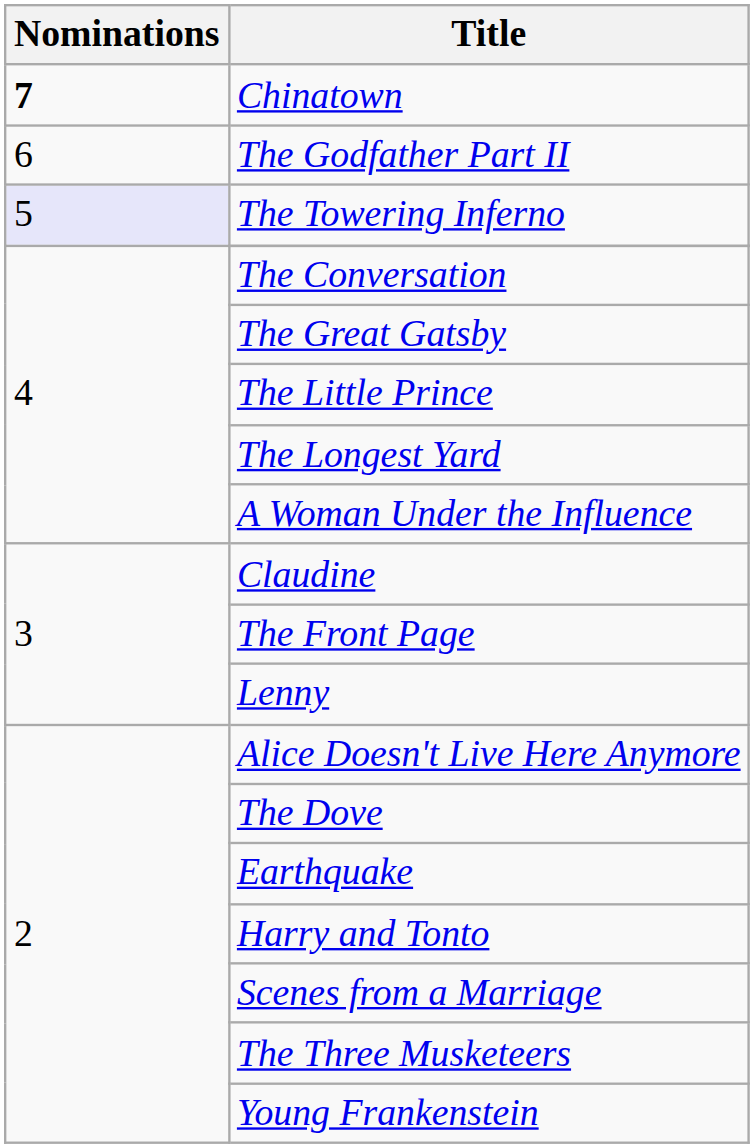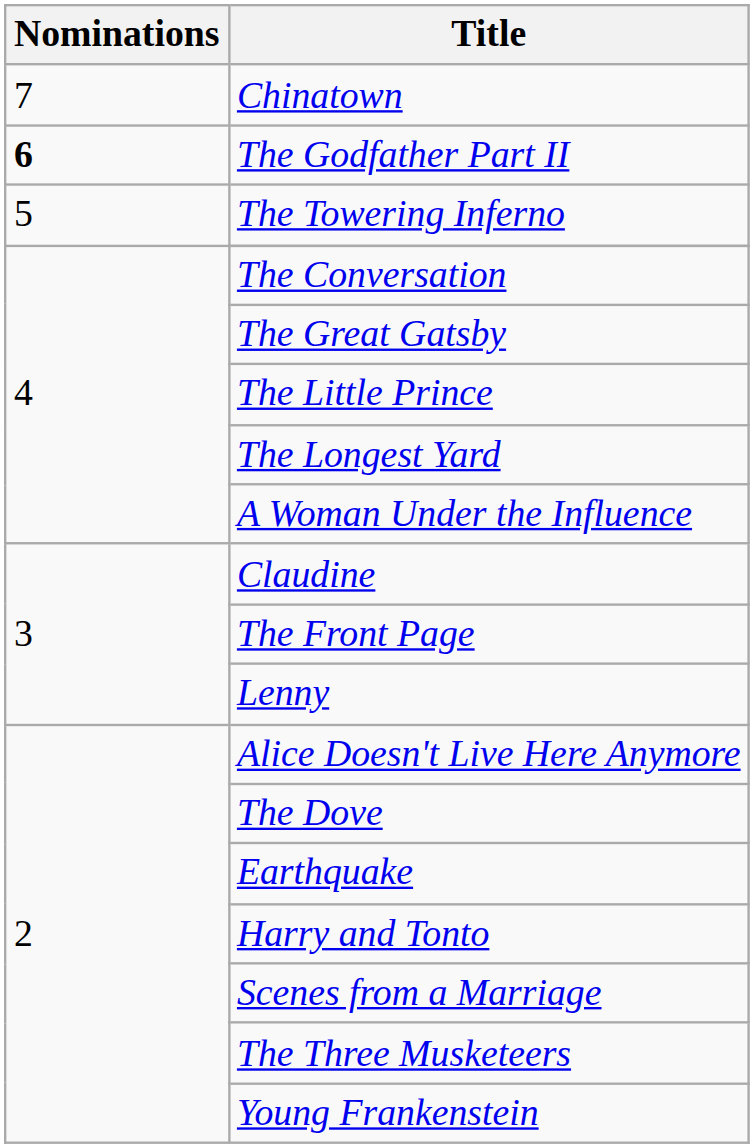 <table class="wikitable">
 <tr>
 <th>Nominations</th>
 <th>Title</th>
 </tr>
 <tr>
-<td><strong>7</strong></td>
+<td>7</td>
 <td><em><a href='#'>Chinatown</a></em></td>
 </tr>
 <tr>
-<td>6</td>
+<td><strong>6</strong></td>
 <td><em><a href='#'>The Godfather Part II</a></em></td>
 </tr>
 <tr>
-<td style="background: lavender;">5</td>
+<td>5</td>
 <td><em><a href='#'>The Towering Inferno</a></em></td>
 </tr>
 <tr>
 <td rowspan="6">4</td>
 </tr>
 <tr>
 <td><em><a href='#'>The Conversation</a></em></td>
 </tr>
 <tr>
 <td><em><a href='#'>The Great Gatsby</a></em></td>
 </tr>
 <tr>
 <td><em><a href='#'>The Little Prince</a></em></td>
 </tr>
 <tr>
 <td><em><a href='#'>The Longest Yard</a></em></td>
 </tr>
 <tr>
 <td><em><a href='#'>A Woman Under the Influence</a></em></td>
 </tr>
 <tr>
 <td rowspan="3">3</td>
 <td><em><a href='#'>Claudine</a></em></td>
 </tr>
 <tr>
 <td><em><a href='#'>The Front Page</a></em></td>
 </tr>
 <tr>
 <td><em><a href='#'>Lenny</a></em></td>
 </tr>
 <tr>
 <td rowspan="7">2</td>
 <td><em><a href='#'>Alice Doesn't Live Here Anymore</a></em></td>
 </tr>
 <tr>
 <td><em><a href='#'>The Dove</a></em></td>
 </tr>
 <tr>
 <td><em><a href='#'>Earthquake</a></em></td>
 </tr>
 <tr>
 <td><em><a href='#'>Harry and Tonto</a></em></td>
 </tr>
 <tr>
 <td><em><a href='#'>Scenes from a Marriage</a></em></td>
 </tr>
 <tr>
 <td><em><a href='#'>The Three Musketeers</a></em></td>
 </tr>
 <tr>
 <td><em><a href='#'>Young Frankenstein</a></em></td>
 </tr>
 </table>
